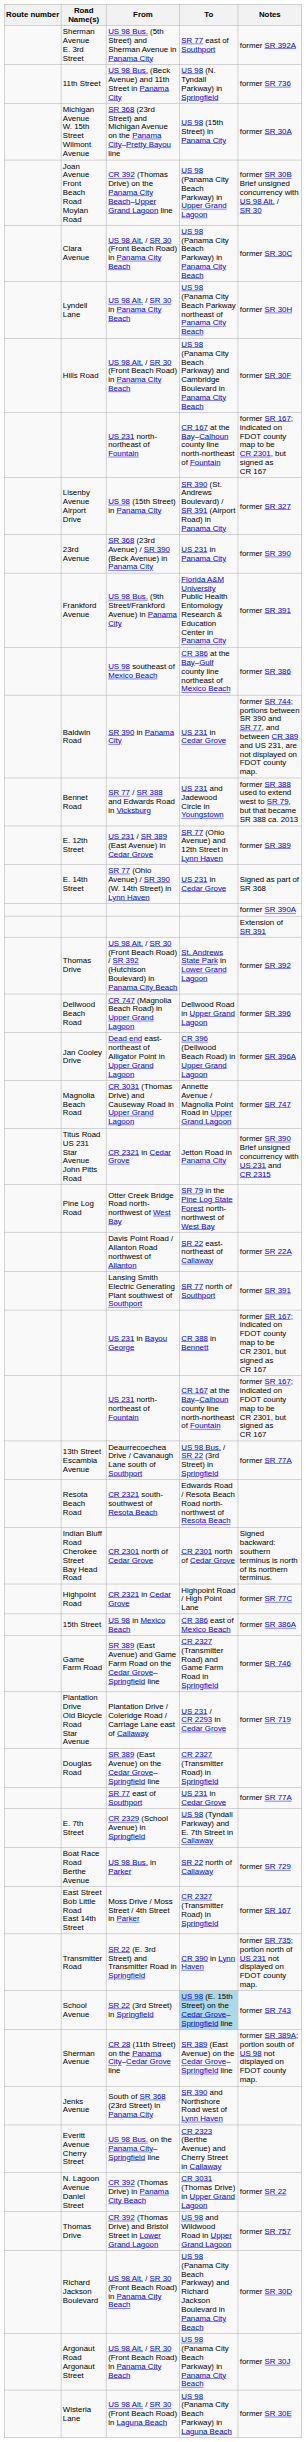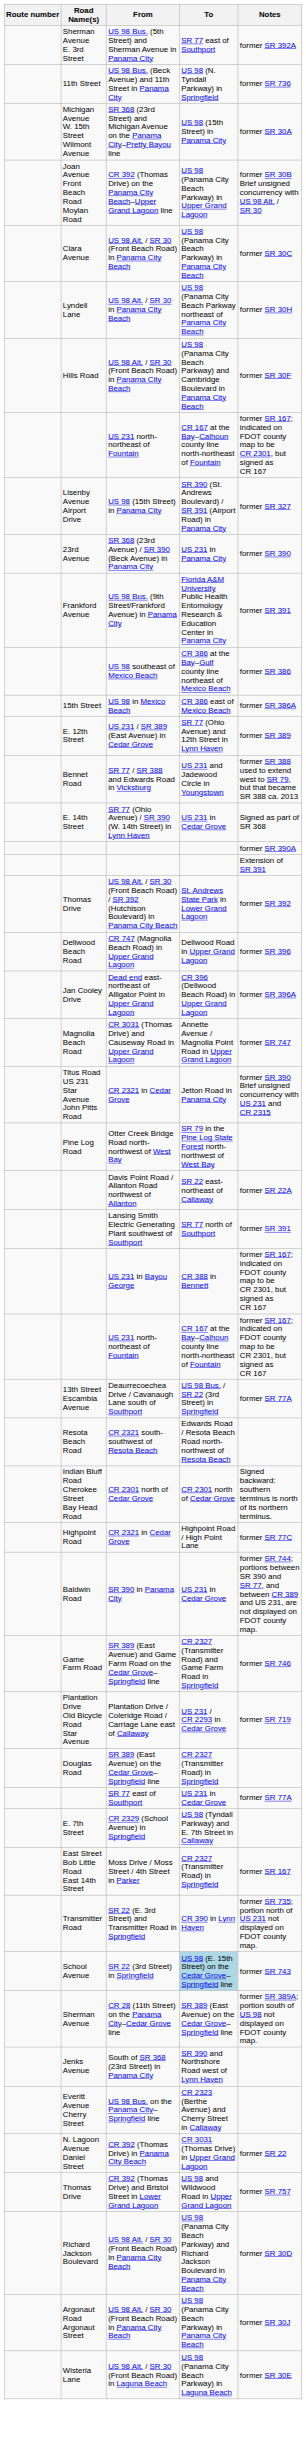 <table class="wikitable">
 <tr>
 <th>Route number</th>
 <th>Road Name(s)</th>
 <th>From</th>
 <th>To</th>
 <th>Notes</th>
 </tr>
 <tr>
 <td></td>
 <td>Sherman Avenue<br>E. 3rd Street</td>
 <td><a href='#'>US 98 Bus.</a> (5th Street) and Sherman Avenue in <a href='#'>Panama City</a></td>
 <td><a href='#'>SR 77</a> east of <a href='#'>Southport</a></td>
 <td>former <a href='#'>SR 392A</a></td>
 </tr>
 <tr>
 <td></td>
 <td>11th Street</td>
 <td><a href='#'>US 98 Bus.</a> (Beck Avenue) and 11th Street in <a href='#'>Panama City</a></td>
 <td><a href='#'>US 98</a> (N. Tyndall Parkway) in <a href='#'>Springfield</a></td>
 <td>former <a href='#'>SR 736</a></td>
 </tr>
 <tr>
 <td></td>
 <td>Michigan Avenue<br>W. 15th Street<br>Wilmont Avenue</td>
 <td><a href='#'>SR 368</a> (23rd Street) and Michigan Avenue on the <a href='#'>Panama City</a>–<a href='#'>Pretty Bayou</a> line</td>
 <td><a href='#'>US 98</a> (15th Street) in <a href='#'>Panama City</a></td>
 <td>former <a href='#'>SR 30A</a></td>
 </tr>
 <tr>
 <td></td>
 <td>Joan Avenue<br>Front Beach Road<br>Moylan Road</td>
 <td><a href='#'>CR 392</a> (Thomas Drive) on the <a href='#'>Panama City Beach</a>–<a href='#'>Upper Grand Lagoon</a> line</td>
 <td><a href='#'>US 98</a> (Panama City Beach Parkway) in <a href='#'>Upper Grand Lagoon</a></td>
 <td>former <a href='#'>SR 30B</a><br>Brief unsigned concurrency with <a href='#'>US 98 Alt.</a> / <a href='#'>SR 30</a></td>
 </tr>
 <tr>
 <td></td>
 <td>Clara Avenue</td>
 <td><a href='#'>US 98 Alt.</a> / <a href='#'>SR 30</a> (Front Beach Road) in <a href='#'>Panama City Beach</a></td>
 <td><a href='#'>US 98</a> (Panama City Beach Parkway) in <a href='#'>Panama City Beach</a></td>
 <td>former <a href='#'>SR 30C</a></td>
 </tr>
 <tr>
 <td></td>
 <td>Lyndell Lane</td>
 <td><a href='#'>US 98 Alt.</a> / <a href='#'>SR 30</a> in <a href='#'>Panama City Beach</a></td>
 <td><a href='#'>US 98</a> (Panama City Beach Parkway northeast of <a href='#'>Panama City Beach</a></td>
 <td>former <a href='#'>SR 30H</a></td>
 </tr>
 <tr>
 <td></td>
 <td>Hills Road</td>
 <td><a href='#'>US 98 Alt.</a> / <a href='#'>SR 30</a> (Front Beach Road) in <a href='#'>Panama City Beach</a></td>
 <td><a href='#'>US 98</a> (Panama City Beach Parkway) and Cambridge Boulevard in <a href='#'>Panama City Beach</a></td>
 <td>former <a href='#'>SR 30F</a></td>
 </tr>
 <tr>
 <td></td>
 <td></td>
 <td><a href='#'>US 231</a> north-northeast of <a href='#'>Fountain</a></td>
 <td><a href='#'>CR 167</a> at the <a href='#'>Bay</a>–<a href='#'>Calhoun</a> county line north-northeast of <a href='#'>Fountain</a></td>
 <td>former <a href='#'>SR 167</a>; indicated on FDOT county map to be <a href='#'>CR 2301</a>, but signed as CR 167</td>
 </tr>
 <tr>
 <td></td>
 <td>Lisenby Avenue<br>Airport Drive</td>
 <td><a href='#'>US 98</a> (15th Street) in <a href='#'>Panama City</a></td>
 <td><a href='#'>SR 390</a> (St. Andrews Boulevard) / <a href='#'>SR 391</a> (Airport Road) in <a href='#'>Panama City</a></td>
 <td>former <a href='#'>SR 327</a></td>
 </tr>
 <tr>
 <td></td>
 <td>23rd Avenue</td>
 <td><a href='#'>SR 368</a> (23rd Avenue) / <a href='#'>SR 390</a> (Beck Avenue) in <a href='#'>Panama City</a></td>
 <td><a href='#'>US 231</a> in <a href='#'>Panama City</a></td>
 <td>former <a href='#'>SR 390</a></td>
 </tr>
 <tr>
 <td></td>
 <td>Frankford Avenue</td>
 <td><a href='#'>US 98 Bus.</a> (9th Street/Frankford Avenue) in <a href='#'>Panama City</a></td>
 <td><a href='#'>Florida A&M University</a> Public Health Entomology Research & Education Center in <a href='#'>Panama City</a></td>
 <td>former <a href='#'>SR 391</a></td>
 </tr>
 <tr>
 <td></td>
 <td></td>
 <td><a href='#'>US 98</a> southeast of <a href='#'>Mexico Beach</a></td>
 <td><a href='#'>CR 386</a> at the <a href='#'>Bay</a>–<a href='#'>Gulf</a> county line northeast of <a href='#'>Mexico Beach</a></td>
 <td>former <a href='#'>SR 386</a></td>
 </tr>
 <tr>
 <td></td>
-<td>Baldwin Road</td>
-<td><a href='#'>SR 390</a> in <a href='#'>Panama City</a></td>
-<td><a href='#'>US 231</a> in <a href='#'>Cedar Grove</a></td>
-<td>former <a href='#'>SR 744</a>; portions between SR 390 and <a href='#'>SR 77</a>, and between <a href='#'>CR 389</a> and US 231, are not displayed on FDOT county map.</td>
+<td>15th Street</td>
+<td><a href='#'>US 98</a> in <a href='#'>Mexico Beach</a></td>
+<td><a href='#'>CR 386</a> east of <a href='#'>Mexico Beach</a></td>
+<td>former <a href='#'>SR 386A</a></td>
+</tr>
+<tr>
+<td></td>
+<td>E. 12th Street</td>
+<td><a href='#'>US 231</a> / <a href='#'>SR 389</a> (East Avenue) in <a href='#'>Cedar Grove</a></td>
+<td><a href='#'>SR 77</a> (Ohio Avenue) and 12th Street in <a href='#'>Lynn Haven</a></td>
+<td>former <a href='#'>SR 389</a></td>
 </tr>
 <tr>
 <td></td>
 <td>Bennet Road</td>
 <td><a href='#'>SR 77</a> / <a href='#'>SR 388</a> and Edwards Road in <a href='#'>Vicksburg</a></td>
 <td><a href='#'>US 231</a> and Jadewood Circle in <a href='#'>Youngstown</a></td>
 <td>former <a href='#'>SR 388</a><br>used to extend west to <a href='#'>SR 79</a>, but that became SR 388 ca. 2013</td>
-</tr>
-<tr>
-<td></td>
-<td>E. 12th Street</td>
-<td><a href='#'>US 231</a> / <a href='#'>SR 389</a> (East Avenue) in <a href='#'>Cedar Grove</a></td>
-<td><a href='#'>SR 77</a> (Ohio Avenue) and 12th Street in <a href='#'>Lynn Haven</a></td>
-<td>former <a href='#'>SR 389</a></td>
 </tr>
 <tr>
 <td></td>
 <td>E. 14th Street</td>
 <td><a href='#'>SR 77</a> (Ohio Avenue) / <a href='#'>SR 390</a> (W. 14th Street) in <a href='#'>Lynn Haven</a></td>
 <td><a href='#'>US 231</a> in <a href='#'>Cedar Grove</a></td>
 <td>Signed as part of SR 368</td>
 </tr>
 <tr>
 <td></td>
 <td></td>
 <td></td>
 <td></td>
 <td>former <a href='#'>SR 390A</a></td>
 </tr>
 <tr>
 <td></td>
 <td></td>
 <td></td>
 <td></td>
 <td>Extension of <a href='#'>SR 391</a></td>
 </tr>
 <tr>
 <td></td>
 <td>Thomas Drive</td>
 <td><a href='#'>US 98 Alt.</a> / <a href='#'>SR 30</a> (Front Beach Road) / <a href='#'>SR 392</a> (Hutchison Boulevard) in <a href='#'>Panama City Beach</a></td>
 <td><a href='#'>St. Andrews State Park</a> in <a href='#'>Lower Grand Lagoon</a></td>
 <td>former <a href='#'>SR 392</a></td>
 </tr>
 <tr>
 <td></td>
 <td>Dellwood Beach Road</td>
 <td><a href='#'>CR 747</a> (Magnolia Beach Road) in <a href='#'>Upper Grand Lagoon</a></td>
 <td>Dellwood Road in <a href='#'>Upper Grand Lagoon</a></td>
 <td>former <a href='#'>SR 396</a></td>
 </tr>
 <tr>
 <td></td>
 <td>Jan Cooley Drive</td>
 <td><a href='#'>Dead end</a> east-northeast of Alligator Point in <a href='#'>Upper Grand Lagoon</a></td>
 <td><a href='#'>CR 396</a> (Dellwood Beach Road) in <a href='#'>Upper Grand Lagoon</a></td>
 <td>former <a href='#'>SR 396A</a></td>
 </tr>
 <tr>
 <td></td>
 <td>Magnolia Beach Road</td>
 <td><a href='#'>CR 3031</a> (Thomas Drive) and Causeway Road in <a href='#'>Upper Grand Lagoon</a></td>
 <td>Annette Avenue / Magnolia Point Road in <a href='#'>Upper Grand Lagoon</a></td>
 <td>former <a href='#'>SR 747</a></td>
 </tr>
 <tr>
 <td></td>
 <td>Titus Road<br>US 231<br>Star Avenue<br>John Pitts Road</td>
 <td><a href='#'>CR 2321</a> in <a href='#'>Cedar Grove</a></td>
 <td>Jetton Road in <a href='#'>Panama City</a></td>
 <td>former <a href='#'>SR 390</a><br>Brief unsigned concurrency with <a href='#'>US 231</a> and <a href='#'>CR 2315</a></td>
 </tr>
 <tr>
 <td></td>
 <td>Pine Log Road</td>
 <td>Otter Creek Bridge Road north-northwest of <a href='#'>West Bay</a></td>
 <td><a href='#'>SR 79</a> in the <a href='#'>Pine Log State Forest</a> north-northwest of <a href='#'>West Bay</a></td>
 <td></td>
 </tr>
 <tr>
 <td></td>
 <td></td>
 <td>Davis Point Road / Allanton Road northwest of <a href='#'>Allanton</a></td>
 <td><a href='#'>SR 22</a> east-northeast of <a href='#'>Callaway</a></td>
 <td>former <a href='#'>SR 22A</a></td>
 </tr>
 <tr>
 <td></td>
 <td></td>
 <td>Lansing Smith Electric Generating Plant southwest of <a href='#'>Southport</a></td>
 <td><a href='#'>SR 77</a> north of <a href='#'>Southport</a></td>
 <td>former <a href='#'>SR 391</a></td>
 </tr>
 <tr>
 <td></td>
 <td></td>
 <td><a href='#'>US 231</a> in <a href='#'>Bayou George</a></td>
 <td><a href='#'>CR 388</a> in <a href='#'>Bennett</a></td>
 <td>former <a href='#'>SR 167</a>; indicated on FDOT county map to be CR 2301, but signed as CR 167</td>
 </tr>
 <tr>
 <td></td>
 <td></td>
 <td><a href='#'>US 231</a> north-northeast of <a href='#'>Fountain</a></td>
 <td><a href='#'>CR 167</a> at the <a href='#'>Bay</a>–<a href='#'>Calhoun</a> county line north-northeast of <a href='#'>Fountain</a></td>
 <td>former <a href='#'>SR 167</a>; indicated on FDOT county map to be CR 2301, but signed as CR 167</td>
 </tr>
 <tr>
 <td></td>
 <td>13th Street<br>Escambia Avenue</td>
 <td>Deaurrecoechea Drive / Cavanaugh Lane south of <a href='#'>Southport</a></td>
 <td><a href='#'>US 98 Bus.</a> / <a href='#'>SR 22</a> (3rd Street) in <a href='#'>Springfield</a></td>
 <td>former <a href='#'>SR 77A</a></td>
 </tr>
 <tr>
 <td></td>
 <td>Resota Beach Road</td>
 <td><a href='#'>CR 2321</a> south-southwest of <a href='#'>Resota Beach</a></td>
 <td>Edwards Road / Resota Beach Road north-northwest of <a href='#'>Resota Beach</a></td>
 <td></td>
 </tr>
 <tr>
 <td></td>
 <td>Indian Bluff Road<br>Cherokee Street<br>Bay Head Road</td>
 <td><a href='#'>CR 2301</a> north of <a href='#'>Cedar Grove</a></td>
 <td><a href='#'>CR 2301</a> north of <a href='#'>Cedar Grove</a></td>
 <td>Signed backward: southern terminus is north of its northern terminus.</td>
 </tr>
 <tr>
 <td></td>
 <td>Highpoint Road</td>
 <td><a href='#'>CR 2321</a> in <a href='#'>Cedar Grove</a></td>
 <td>Highpoint Road / High Point Lane</td>
 <td>former <a href='#'>SR 77C</a></td>
 </tr>
 <tr>
 <td></td>
-<td>15th Street</td>
-<td><a href='#'>US 98</a> in <a href='#'>Mexico Beach</a></td>
-<td><a href='#'>CR 386</a> east of <a href='#'>Mexico Beach</a></td>
-<td>former <a href='#'>SR 386A</a></td>
+<td>Baldwin Road</td>
+<td><a href='#'>SR 390</a> in <a href='#'>Panama City</a></td>
+<td><a href='#'>US 231</a> in <a href='#'>Cedar Grove</a></td>
+<td>former <a href='#'>SR 744</a>; portions between SR 390 and <a href='#'>SR 77</a>, and between <a href='#'>CR 389</a> and US 231, are not displayed on FDOT county map.</td>
 </tr>
 <tr>
 <td></td>
 <td>Game Farm Road</td>
 <td><a href='#'>SR 389</a> (East Avenue) and Game Farm Road on the <a href='#'>Cedar Grove</a>–<a href='#'>Springfield</a> line</td>
 <td><a href='#'>CR 2327</a> (Transmitter Road) and Game Farm Road in <a href='#'>Springfield</a></td>
 <td>former <a href='#'>SR 746</a></td>
 </tr>
 <tr>
 <td></td>
 <td>Plantation Drive<br>Old Bicycle Road<br>Star Avenue</td>
 <td>Plantation Drive / Coleridge Road / Carriage Lane east of <a href='#'>Callaway</a></td>
 <td><a href='#'>US 231</a> / <a href='#'>CR 2293</a> in <a href='#'>Cedar Grove</a></td>
 <td>former <a href='#'>SR 719</a></td>
 </tr>
 <tr>
 <td></td>
 <td>Douglas Road</td>
 <td><a href='#'>SR 389</a> (East Avenue) on the <a href='#'>Cedar Grove</a>–<a href='#'>Springfield</a> line</td>
 <td><a href='#'>CR 2327</a> (Transmitter Road) in <a href='#'>Springfield</a></td>
 <td></td>
 </tr>
 <tr>
 <td></td>
 <td></td>
 <td><a href='#'>SR 77</a> east of <a href='#'>Southport</a></td>
 <td><a href='#'>US 231</a> in <a href='#'>Cedar Grove</a></td>
 <td>former <a href='#'>SR 77A</a></td>
 </tr>
 <tr>
 <td></td>
 <td>E. 7th Street</td>
 <td><a href='#'>CR 2329</a> (School Avenue) in <a href='#'>Springfield</a></td>
 <td><a href='#'>US 98</a> (Tyndall Parkway) and E. 7th Street in <a href='#'>Callaway</a></td>
 <td></td>
-</tr>
-<tr>
-<td></td>
-<td>Boat Race Road<br>Berthe Avenue</td>
-<td><a href='#'>US 98 Bus.</a> in <a href='#'>Parker</a></td>
-<td><a href='#'>SR 22</a> north of <a href='#'>Callaway</a></td>
-<td>former <a href='#'>SR 729</a></td>
 </tr>
 <tr>
 <td></td>
 <td>East Street<br>Bob Little Road<br>East 14th Street</td>
 <td>Moss Drive / Moss Street / 4th Street in <a href='#'>Parker</a></td>
 <td><a href='#'>CR 2327</a> (Transmitter Road) in <a href='#'>Springfield</a></td>
 <td>former <a href='#'>SR 167</a></td>
 </tr>
 <tr>
 <td></td>
 <td>Transmitter Road</td>
 <td><a href='#'>SR 22</a> (E. 3rd Street) and Transmitter Road in <a href='#'>Springfield</a></td>
 <td><a href='#'>CR 390</a> in <a href='#'>Lynn Haven</a></td>
 <td>former <a href='#'>SR 735</a>; portion north of <a href='#'>US 231</a> not displayed on FDOT county map.</td>
 </tr>
 <tr>
 <td></td>
 <td>School Avenue</td>
 <td><a href='#'>SR 22</a> (3rd Street) in <a href='#'>Springfield</a></td>
 <td style="background: lightblue;"><a href='#'>US 98</a> (E. 15th Street) on the <a href='#'>Cedar Grove</a>–<a href='#'>Springfield</a> line</td>
 <td>former <a href='#'>SR 743</a></td>
 </tr>
 <tr>
 <td></td>
 <td>Sherman Avenue</td>
 <td><a href='#'>CR 28</a> (11th Street) on the <a href='#'>Panama City</a>–<a href='#'>Cedar Grove</a> line</td>
 <td><a href='#'>SR 389</a> (East Avenue) on the <a href='#'>Cedar Grove</a>–<a href='#'>Springfield</a> line</td>
 <td>former <a href='#'>SR 389A</a>; portion south of <a href='#'>US 98</a> not displayed on FDOT county map.</td>
 </tr>
 <tr>
 <td></td>
 <td>Jenks Avenue</td>
 <td>South of <a href='#'>SR 368</a> (23rd Street) in <a href='#'>Panama City</a></td>
 <td><a href='#'>SR 390</a> and Northshore Road west of <a href='#'>Lynn Haven</a></td>
 <td></td>
 </tr>
 <tr>
 <td></td>
 <td>Everitt Avenue<br>Cherry Street</td>
 <td><a href='#'>US 98 Bus.</a> on the <a href='#'>Panama City</a>–<a href='#'>Springfield</a> line</td>
 <td><a href='#'>CR 2323</a> (Berthe Avenue) and Cherry Street in <a href='#'>Callaway</a></td>
 <td></td>
 </tr>
 <tr>
 <td></td>
 <td>N. Lagoon Avenue<br>Daniel Street</td>
 <td><a href='#'>CR 392</a> (Thomas Drive) in <a href='#'>Panama City Beach</a></td>
 <td><a href='#'>CR 3031</a> (Thomas Drive) in <a href='#'>Upper Grand Lagoon</a></td>
 <td>former <a href='#'>SR 22</a></td>
 </tr>
 <tr>
 <td></td>
 <td>Thomas Drive</td>
 <td><a href='#'>CR 392</a> (Thomas Drive) and Bristol Street in <a href='#'>Lower Grand Lagoon</a></td>
 <td><a href='#'>US 98</a> and Wildwood Road in <a href='#'>Upper Grand Lagoon</a></td>
 <td>former <a href='#'>SR 757</a></td>
 </tr>
 <tr>
 <td></td>
 <td>Richard Jackson Boulevard</td>
 <td><a href='#'>US 98 Alt.</a> / <a href='#'>SR 30</a> (Front Beach Road) in <a href='#'>Panama City Beach</a></td>
 <td><a href='#'>US 98</a> (Panama City Beach Parkway) and Richard Jackson Boulevard in <a href='#'>Panama City Beach</a></td>
 <td>former <a href='#'>SR 30D</a></td>
 </tr>
 <tr>
 <td></td>
 <td>Argonaut Road<br>Argonaut Street</td>
 <td><a href='#'>US 98 Alt.</a> / <a href='#'>SR 30</a> (Front Beach Road) in <a href='#'>Panama City Beach</a></td>
 <td><a href='#'>US 98</a> (Panama City Beach Parkway) in <a href='#'>Panama City Beach</a></td>
 <td>former <a href='#'>SR 30J</a></td>
 </tr>
 <tr>
 <td></td>
 <td>Wisteria Lane</td>
 <td><a href='#'>US 98 Alt.</a> / <a href='#'>SR 30</a> (Front Beach Road) in <a href='#'>Laguna Beach</a></td>
 <td><a href='#'>US 98</a> (Panama City Beach Parkway) in <a href='#'>Laguna Beach</a></td>
 <td>former <a href='#'>SR 30E</a></td>
 </tr>
 </table>
